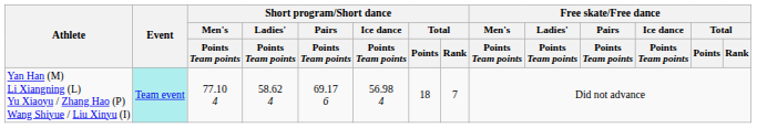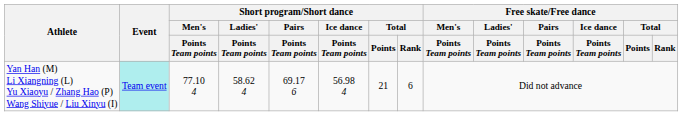 <table class="wikitable" style="font-size:90%">
 <tr>
 <th rowspan="3">Athlete</th>
 <th rowspan="3">Event</th>
 <th colspan="6">Short program/Short dance</th>
 <th colspan="6">Free skate/Free dance</th>
 </tr>
 <tr style="font-size:95%">
 <th>Men's</th>
 <th>Ladies'</th>
 <th>Pairs</th>
 <th>Ice dance</th>
 <th colspan="2">Total</th>
 <th>Men's</th>
 <th>Ladies'</th>
 <th>Pairs</th>
 <th>Ice dance</th>
 <th colspan="2">Total</th>
 </tr>
 <tr style="font-size:95%">
 <th>Points<br><em>Team points</em></th>
 <th>Points<br><em>Team points</em></th>
 <th>Points<br><em>Team points</em></th>
 <th>Points<br><em>Team points</em></th>
 <th>Points</th>
 <th>Rank</th>
 <th>Points<br><em>Team points</em></th>
 <th>Points<br><em>Team points</em></th>
 <th>Points<br><em>Team points</em></th>
 <th>Points<br><em>Team points</em></th>
 <th>Points</th>
 <th>Rank</th>
 </tr>
 <tr align="center">
 <td align="left"><a href='#'>Yan Han</a> (M)<br> <a href='#'>Li Xiangning</a> (L)<br> <a href='#'>Yu Xiaoyu</a> / <a href='#'>Zhang Hao</a> (P)<br> <a href='#'>Wang Shiyue</a> / <a href='#'>Liu Xinyu</a> (I)</td>
 <td align="left" style="background: paleturquoise;"><a href='#'>Team event</a></td>
 <td>77.10 <br> <em>4</em></td>
 <td>58.62 <br> <em>4</em></td>
 <td>69.17 <br> <em>6</em></td>
 <td>56.98 <br> <em>4</em></td>
-<td>18</td>
-<td>7</td>
+<td>21</td>
+<td>6</td>
 <td colspan=6>Did not advance</td>
 </tr>
 </table>
